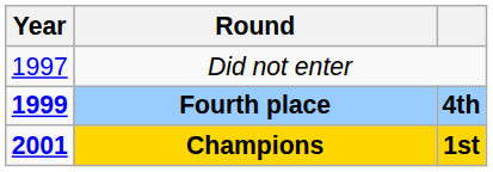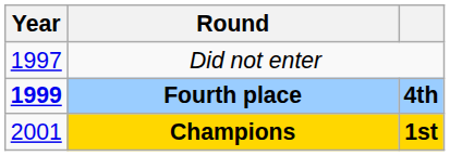 <table class="wikitable" style="text-align: center; font-size:90%">
 <tr>
 <th>Year</th>
 <th style="width:200px">Round</th>
 <th></th>
 </tr>
 <tr>
 <td><a href='#'>1997</a></td>
 <td colspan="2"><em>Did not enter</em></td>
 </tr>
 <tr>
 <td><strong><a href='#'>1999</a></strong></td>
 <td bgcolor="9acdff"><strong>Fourth place</strong></td>
 <td bgcolor="9acdff"><strong>4th</strong></td>
 </tr>
 <tr>
-<td><strong><a href='#'>2001</a></strong></td>
+<td><a href='#'>2001</a></td>
 <td bgcolor=Gold><strong>Champions</strong></td>
 <td bgcolor=Gold><strong>1st</strong></td>
 </tr>
 </table>
